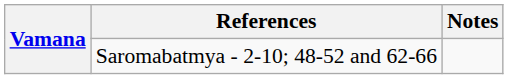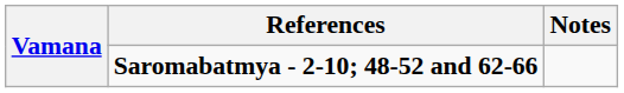 <table class="wikitable">
 <tr>
 <th rowspan="2"><a href='#'>Vamana</a></th>
 <th>References</th>
 <th>Notes</th>
 </tr>
 <tr>
-<td>Saromabatmya - 2-10; 48-52 and 62-66</td>
+<td><strong>Saromabatmya - 2-10; 48-52 and 62-66</strong></td>
 <td></td>
 </tr>
 </table>
